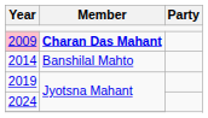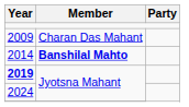 <table class="wikitable">
 <tr>
 <th>Year</th>
 <th>Member</th>
 <th colspan=2>Party</th>
 </tr>
 <tr>
 <td colspan="4"></td>
 </tr>
 <tr>
-<td style="background: pink;"><a href='#'>2009</a></td>
-<td><strong><a href='#'>Charan Das Mahant</a></strong></td>
+<td><a href='#'>2009</a></td>
+<td><a href='#'>Charan Das Mahant</a></td>
 <td></td>
 </tr>
 <tr>
 <td><a href='#'>2014</a></td>
-<td><a href='#'>Banshilal Mahto</a></td>
+<td><strong><a href='#'>Banshilal Mahto</a></strong></td>
 <td></td>
 </tr>
 <tr>
-<td><a href='#'>2019</a></td>
+<td><strong><a href='#'>2019</a></strong></td>
 <td rowspan=2><a href='#'>Jyotsna Mahant</a></td>
 <td></td>
 </tr>
 <tr>
 <td><a href='#'>2024</a></td>
 </tr>
 <tr>
 </tr>
 </table>
